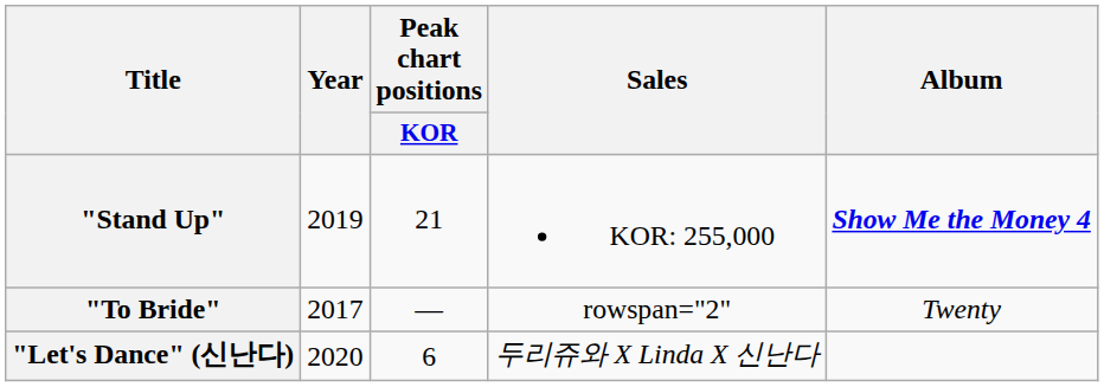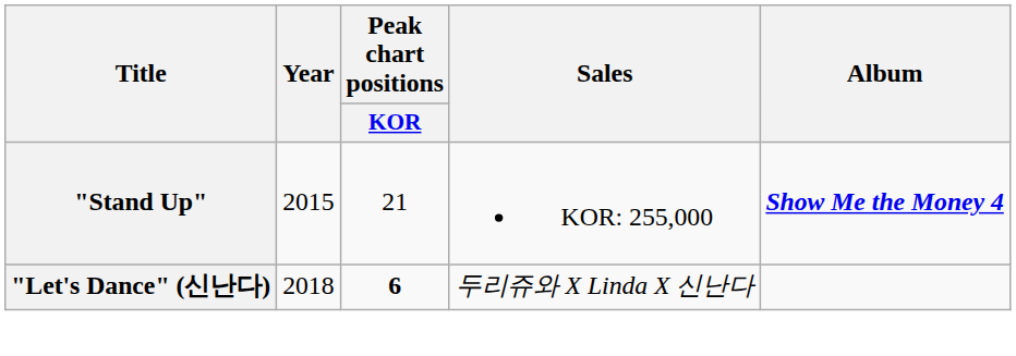 <table class="wikitable plainrowheaders" style="text-align:center;">
 <tr>
 <th scope="col" rowspan="2">Title</th>
 <th scope="col" rowspan="2">Year</th>
 <th scope="col" colspan="1">Peak chart positions</th>
 <th scope="col" rowspan="2">Sales<br></th>
 <th scope="col" rowspan="2">Album</th>
 </tr>
 <tr>
 <th scope="col" style="width:3em;font-size:90%;"><a href='#'>KOR</a><br></th>
 </tr>
 <tr>
 <th scope="row">"Stand Up" </th>
-<td>2019</td>
+<td>2015</td>
 <td>21</td>
 <td><br><ul><li>KOR: 255,000</li></ul></td>
 <td><strong><em><a href='#'>Show Me the Money 4</a></em></strong></td>
 </tr>
 <tr>
-<th scope="row">"To Bride" </th>
-<td>2017</td>
-<td>—</td>
-<td>rowspan="2" </td>
-<td><em>Twenty</em></td>
-</tr>
-<tr>
 <th scope="row">"Let's Dance" (신난다)<br></th>
-<td>2020</td>
-<td>6</td>
+<td>2018</td>
+<td><strong>6</strong></td>
 <td><em>두리쥬와 X Linda X 신난다</em></td>
 </tr>
 </table>
